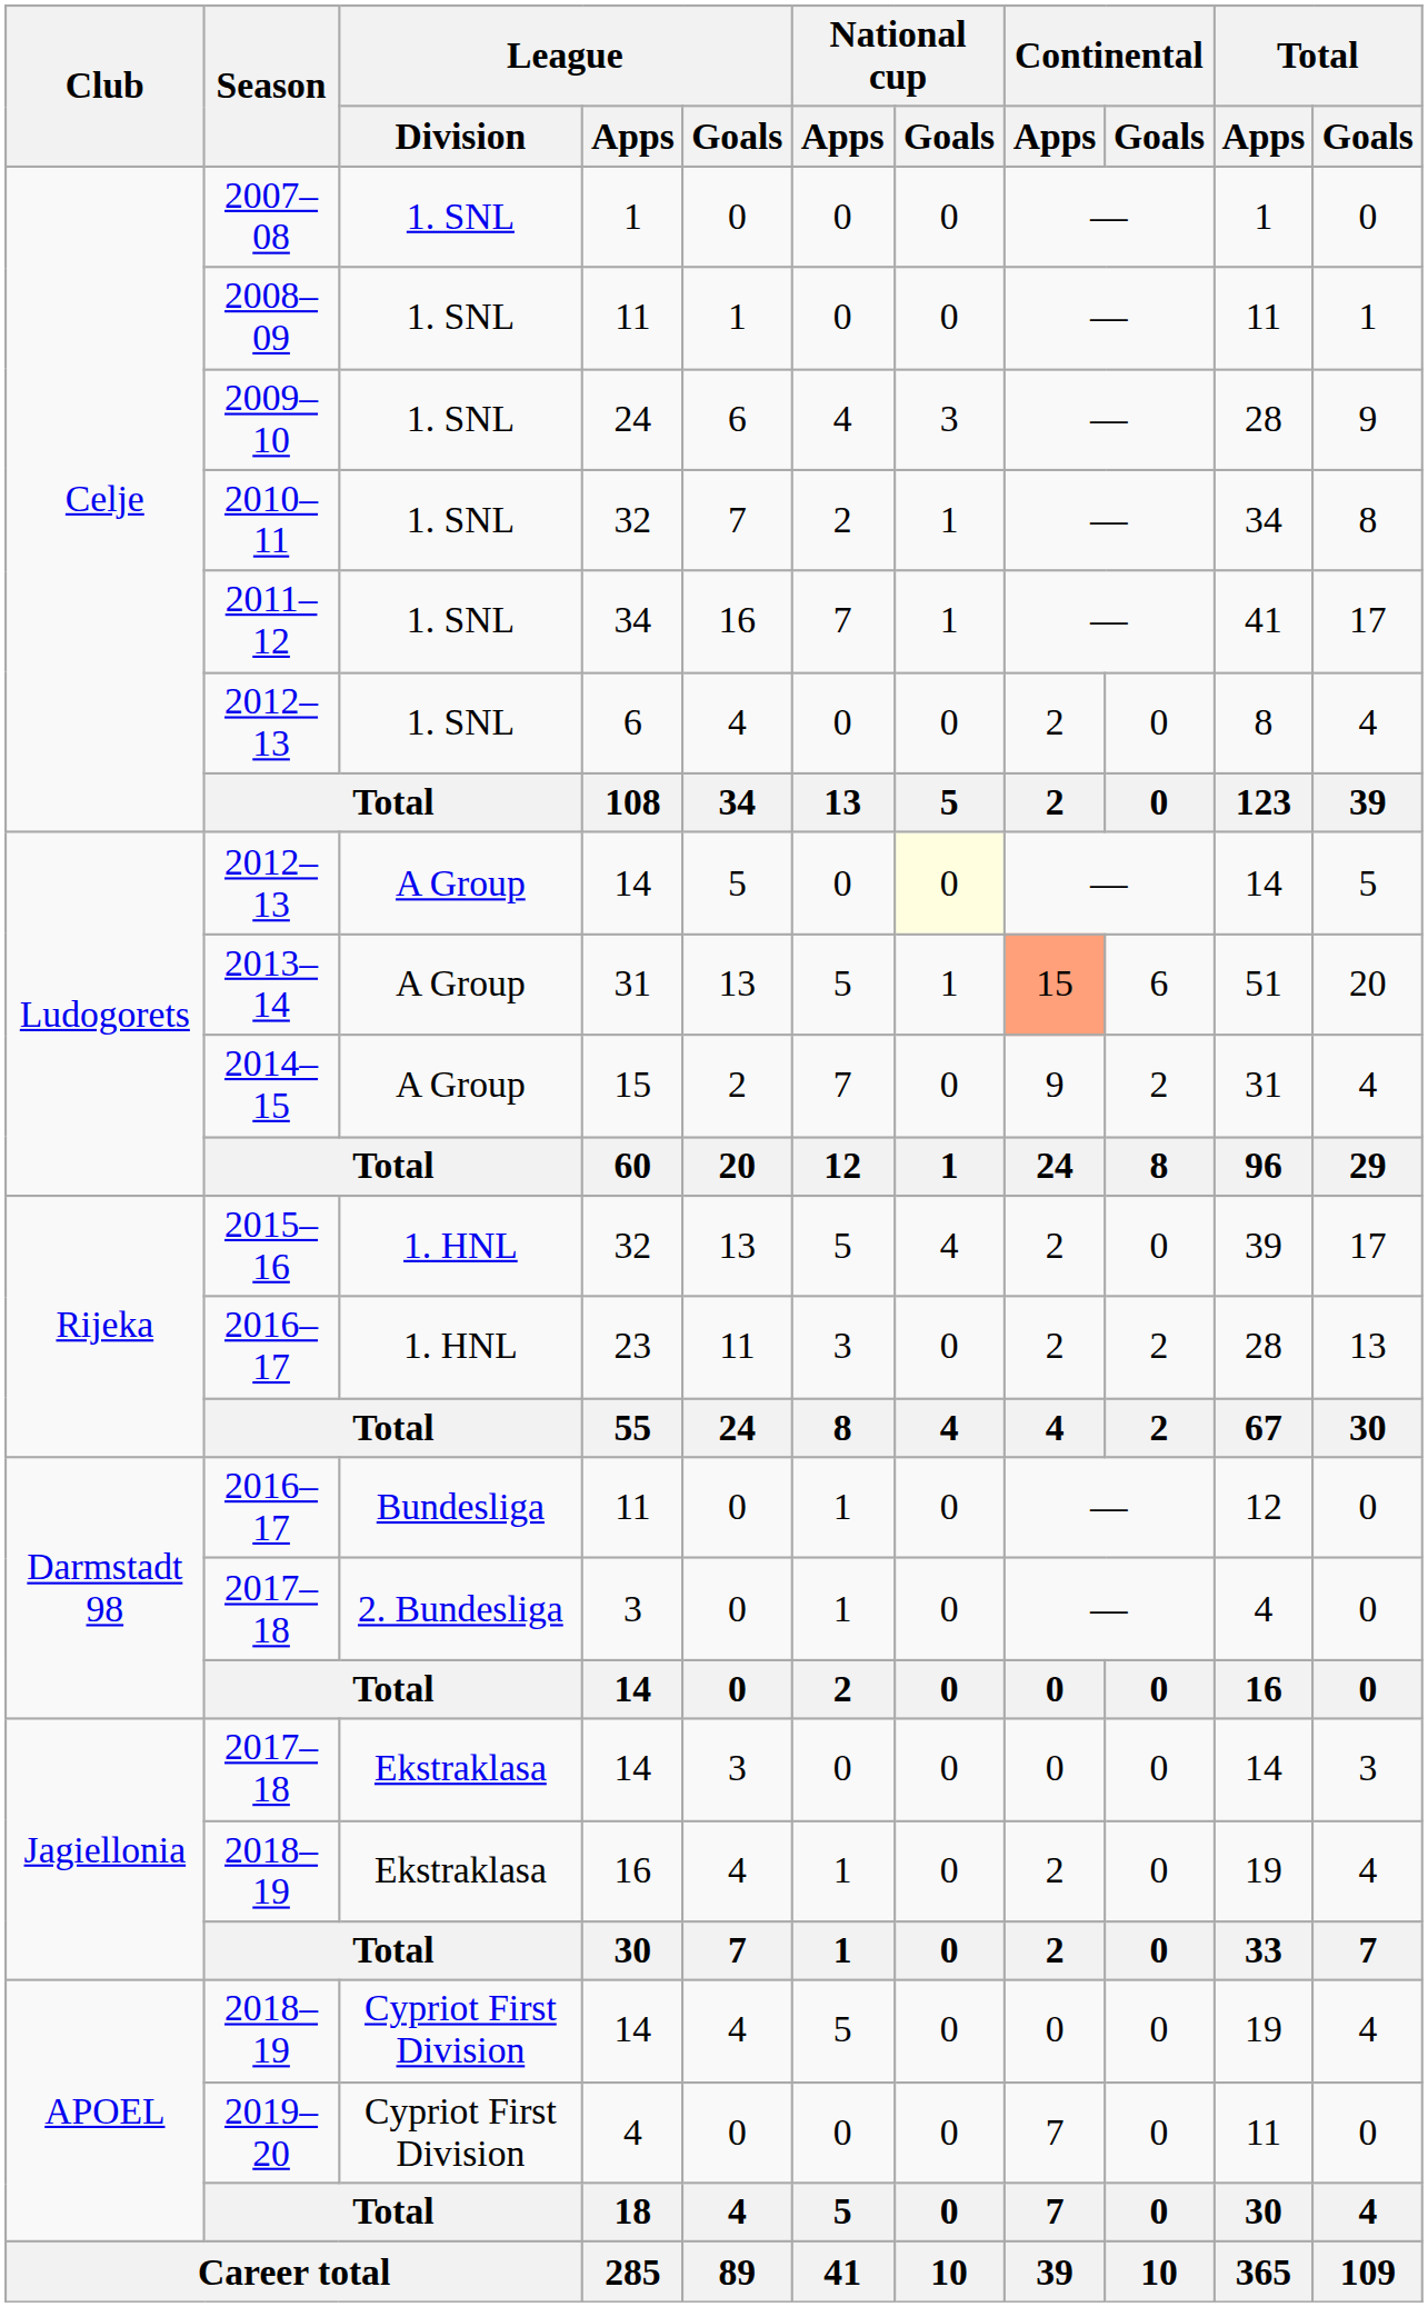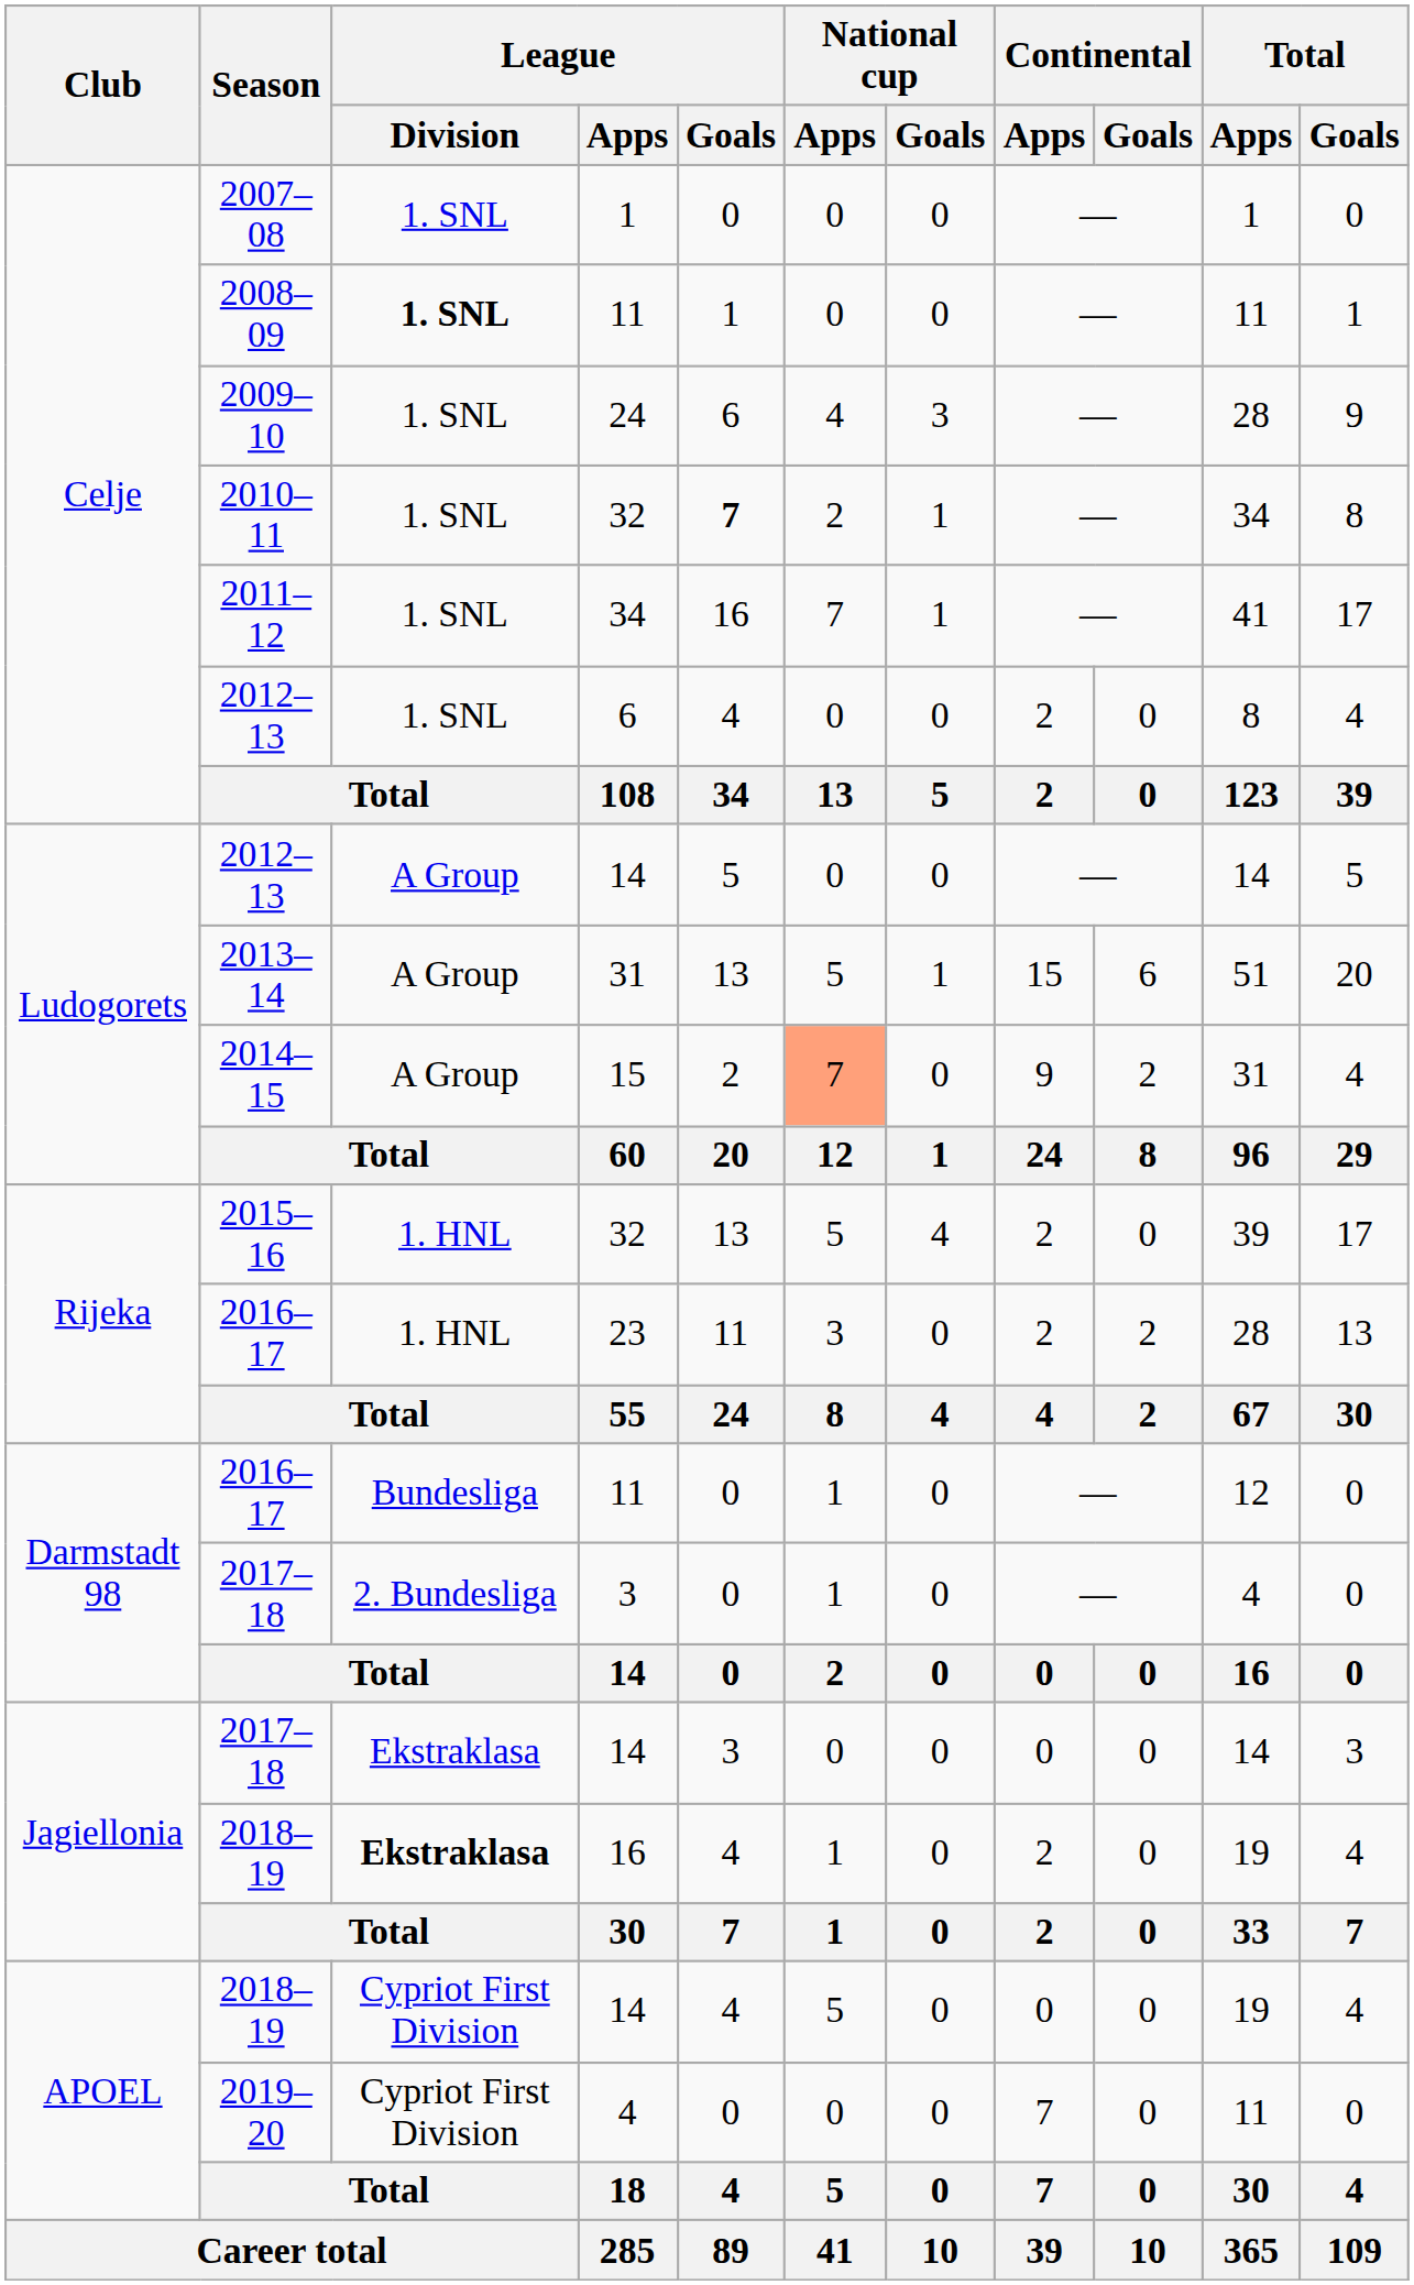 <table class="wikitable" style="text-align:center">
 <tr>
 <th rowspan="2">Club</th>
 <th rowspan="2">Season</th>
 <th colspan="3">League</th>
 <th colspan="2">National cup</th>
 <th colspan="2">Continental</th>
 <th colspan="2">Total</th>
 </tr>
 <tr>
 <th>Division</th>
 <th>Apps</th>
 <th>Goals</th>
 <th>Apps</th>
 <th>Goals</th>
 <th>Apps</th>
 <th>Goals</th>
 <th>Apps</th>
 <th>Goals</th>
 </tr>
 <tr>
 <td rowspan="7"><a href='#'>Celje</a></td>
 <td><a href='#'>2007–08</a></td>
 <td><a href='#'>1. SNL</a></td>
 <td>1</td>
 <td>0</td>
 <td>0</td>
 <td>0</td>
 <td colspan="2">—</td>
 <td>1</td>
 <td>0</td>
 </tr>
 <tr>
 <td><a href='#'>2008–09</a></td>
-<td>1. SNL</td>
+<td><strong>1. SNL</strong></td>
 <td>11</td>
 <td>1</td>
 <td>0</td>
 <td>0</td>
 <td colspan="2">—</td>
 <td>11</td>
 <td>1</td>
 </tr>
 <tr>
 <td><a href='#'>2009–10</a></td>
 <td>1. SNL</td>
 <td>24</td>
 <td>6</td>
 <td>4</td>
 <td>3</td>
 <td colspan="2">—</td>
 <td>28</td>
 <td>9</td>
 </tr>
 <tr>
 <td><a href='#'>2010–11</a></td>
 <td>1. SNL</td>
 <td>32</td>
-<td>7</td>
+<td><strong>7</strong></td>
 <td>2</td>
 <td>1</td>
 <td colspan="2">—</td>
 <td>34</td>
 <td>8</td>
 </tr>
 <tr>
 <td><a href='#'>2011–12</a></td>
 <td>1. SNL</td>
 <td>34</td>
 <td>16</td>
 <td>7</td>
 <td>1</td>
 <td colspan="2">—</td>
 <td>41</td>
 <td>17</td>
 </tr>
 <tr>
 <td><a href='#'>2012–13</a></td>
 <td>1. SNL</td>
 <td>6</td>
 <td>4</td>
 <td>0</td>
 <td>0</td>
 <td>2</td>
 <td>0</td>
 <td>8</td>
 <td>4</td>
 </tr>
 <tr>
 <th colspan="2">Total</th>
 <th>108</th>
 <th>34</th>
 <th>13</th>
 <th>5</th>
 <th>2</th>
 <th>0</th>
 <th>123</th>
 <th>39</th>
 </tr>
 <tr>
 <td rowspan="4"><a href='#'>Ludogorets</a></td>
 <td><a href='#'>2012–13</a></td>
 <td><a href='#'>A Group</a></td>
 <td>14</td>
 <td>5</td>
 <td>0</td>
-<td style="background: lightyellow;">0</td>
+<td>0</td>
 <td colspan="2">—</td>
 <td>14</td>
 <td>5</td>
 </tr>
 <tr>
 <td><a href='#'>2013–14</a></td>
 <td>A Group</td>
 <td>31</td>
 <td>13</td>
 <td>5</td>
 <td>1</td>
-<td style="background: lightsalmon;">15</td>
+<td>15</td>
 <td>6</td>
 <td>51</td>
 <td>20</td>
 </tr>
 <tr>
 <td><a href='#'>2014–15</a></td>
 <td>A Group</td>
 <td>15</td>
 <td>2</td>
-<td>7</td>
+<td style="background: lightsalmon;">7</td>
 <td>0</td>
 <td>9</td>
 <td>2</td>
 <td>31</td>
 <td>4</td>
 </tr>
 <tr>
 <th colspan="2">Total</th>
 <th>60</th>
 <th>20</th>
 <th>12</th>
 <th>1</th>
 <th>24</th>
 <th>8</th>
 <th>96</th>
 <th>29</th>
 </tr>
 <tr>
 <td rowspan="3"><a href='#'>Rijeka</a></td>
 <td><a href='#'>2015–16</a></td>
 <td><a href='#'>1. HNL</a></td>
 <td>32</td>
 <td>13</td>
 <td>5</td>
 <td>4</td>
 <td>2</td>
 <td>0</td>
 <td>39</td>
 <td>17</td>
 </tr>
 <tr>
 <td><a href='#'>2016–17</a></td>
 <td>1. HNL</td>
 <td>23</td>
 <td>11</td>
 <td>3</td>
 <td>0</td>
 <td>2</td>
 <td>2</td>
 <td>28</td>
 <td>13</td>
 </tr>
 <tr>
 <th colspan="2">Total</th>
 <th>55</th>
 <th>24</th>
 <th>8</th>
 <th>4</th>
 <th>4</th>
 <th>2</th>
 <th>67</th>
 <th>30</th>
 </tr>
 <tr>
 <td rowspan="3"><a href='#'>Darmstadt 98</a></td>
 <td><a href='#'>2016–17</a></td>
 <td><a href='#'>Bundesliga</a></td>
 <td>11</td>
 <td>0</td>
 <td>1</td>
 <td>0</td>
 <td colspan="2">—</td>
 <td>12</td>
 <td>0</td>
 </tr>
 <tr>
 <td><a href='#'>2017–18</a></td>
 <td><a href='#'>2. Bundesliga</a></td>
 <td>3</td>
 <td>0</td>
 <td>1</td>
 <td>0</td>
 <td colspan="2">—</td>
 <td>4</td>
 <td>0</td>
 </tr>
 <tr>
 <th colspan="2">Total</th>
 <th>14</th>
 <th>0</th>
 <th>2</th>
 <th>0</th>
 <th>0</th>
 <th>0</th>
 <th>16</th>
 <th>0</th>
 </tr>
 <tr>
 <td rowspan="3"><a href='#'>Jagiellonia</a></td>
 <td><a href='#'>2017–18</a></td>
 <td><a href='#'>Ekstraklasa</a></td>
 <td>14</td>
 <td>3</td>
 <td>0</td>
 <td>0</td>
 <td>0</td>
 <td>0</td>
 <td>14</td>
 <td>3</td>
 </tr>
 <tr>
 <td><a href='#'>2018–19</a></td>
-<td>Ekstraklasa</td>
+<td><strong>Ekstraklasa</strong></td>
 <td>16</td>
 <td>4</td>
 <td>1</td>
 <td>0</td>
 <td>2</td>
 <td>0</td>
 <td>19</td>
 <td>4</td>
 </tr>
 <tr>
 <th colspan="2">Total</th>
 <th>30</th>
 <th>7</th>
 <th>1</th>
 <th>0</th>
 <th>2</th>
 <th>0</th>
 <th>33</th>
 <th>7</th>
 </tr>
 <tr>
 <td rowspan="3"><a href='#'>APOEL</a></td>
 <td><a href='#'>2018–19</a></td>
 <td><a href='#'>Cypriot First Division</a></td>
 <td>14</td>
 <td>4</td>
 <td>5</td>
 <td>0</td>
 <td>0</td>
 <td>0</td>
 <td>19</td>
 <td>4</td>
 </tr>
 <tr>
 <td><a href='#'>2019–20</a></td>
 <td>Cypriot First Division</td>
 <td>4</td>
 <td>0</td>
 <td>0</td>
 <td>0</td>
 <td>7</td>
 <td>0</td>
 <td>11</td>
 <td>0</td>
 </tr>
 <tr>
 <th colspan="2">Total</th>
 <th>18</th>
 <th>4</th>
 <th>5</th>
 <th>0</th>
 <th>7</th>
 <th>0</th>
 <th>30</th>
 <th>4</th>
 </tr>
 <tr>
 <th colspan="3">Career total</th>
 <th>285</th>
 <th>89</th>
 <th>41</th>
 <th>10</th>
 <th>39</th>
 <th>10</th>
 <th>365</th>
 <th>109</th>
 </tr>
 </table>
